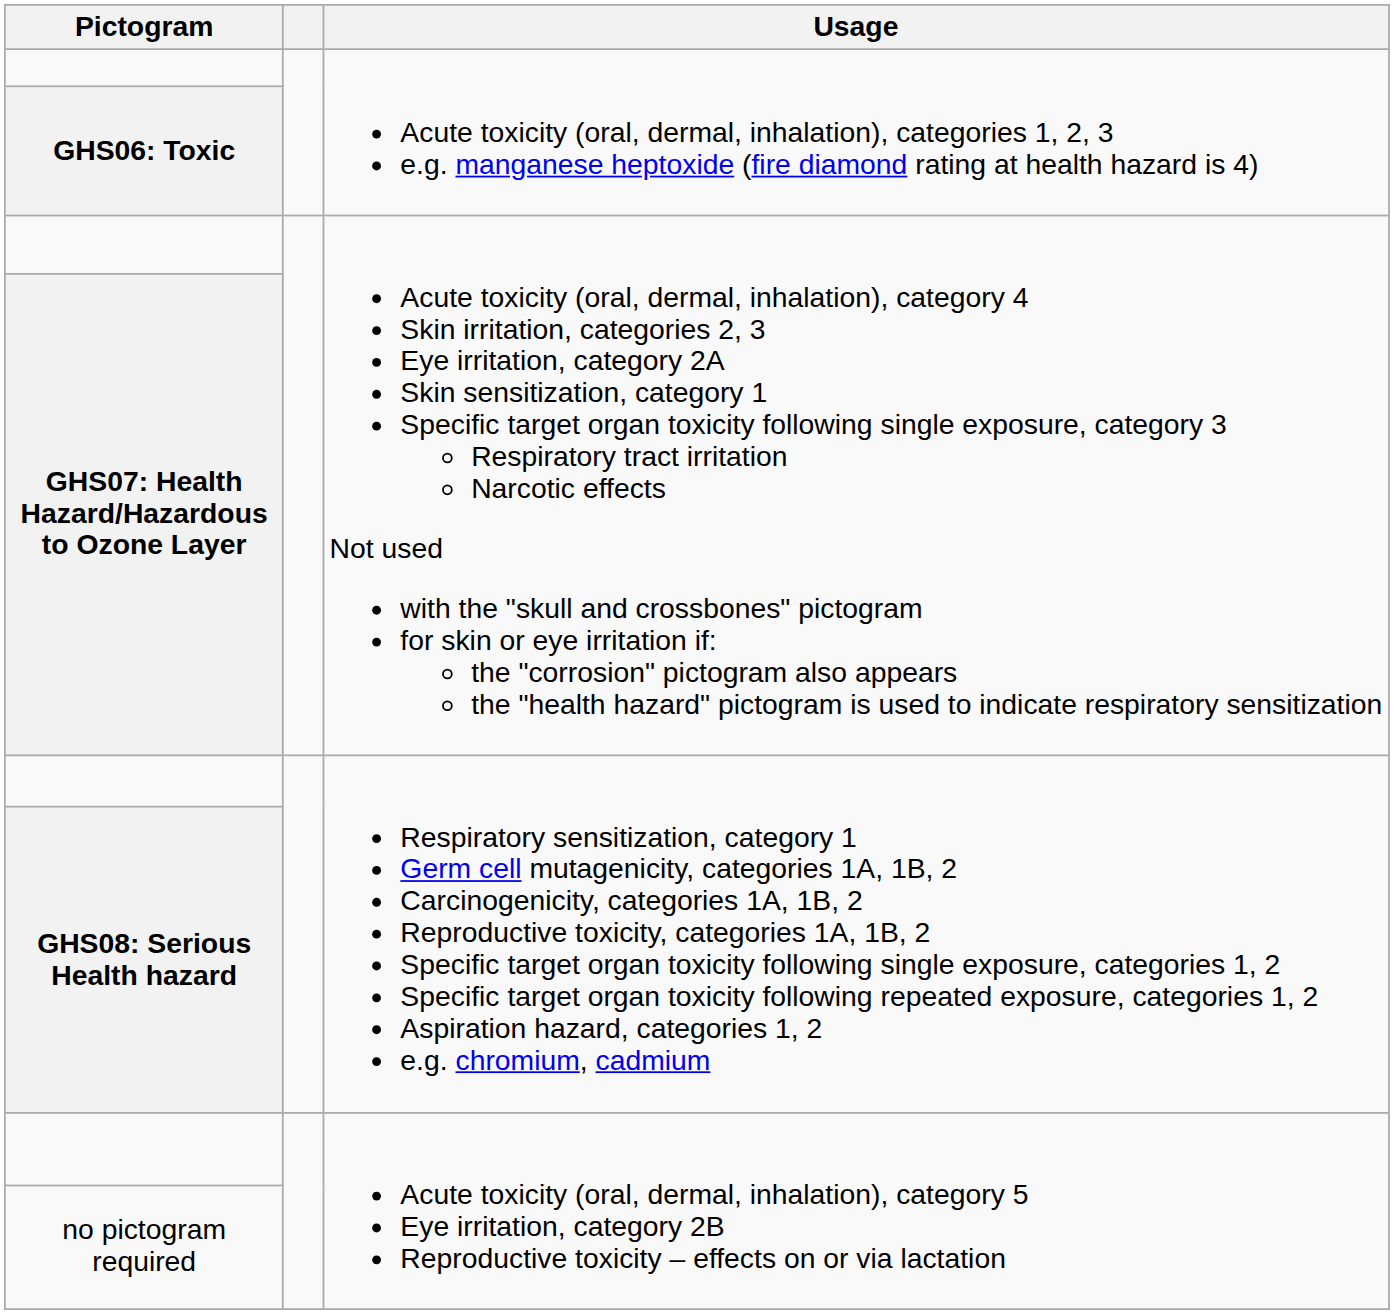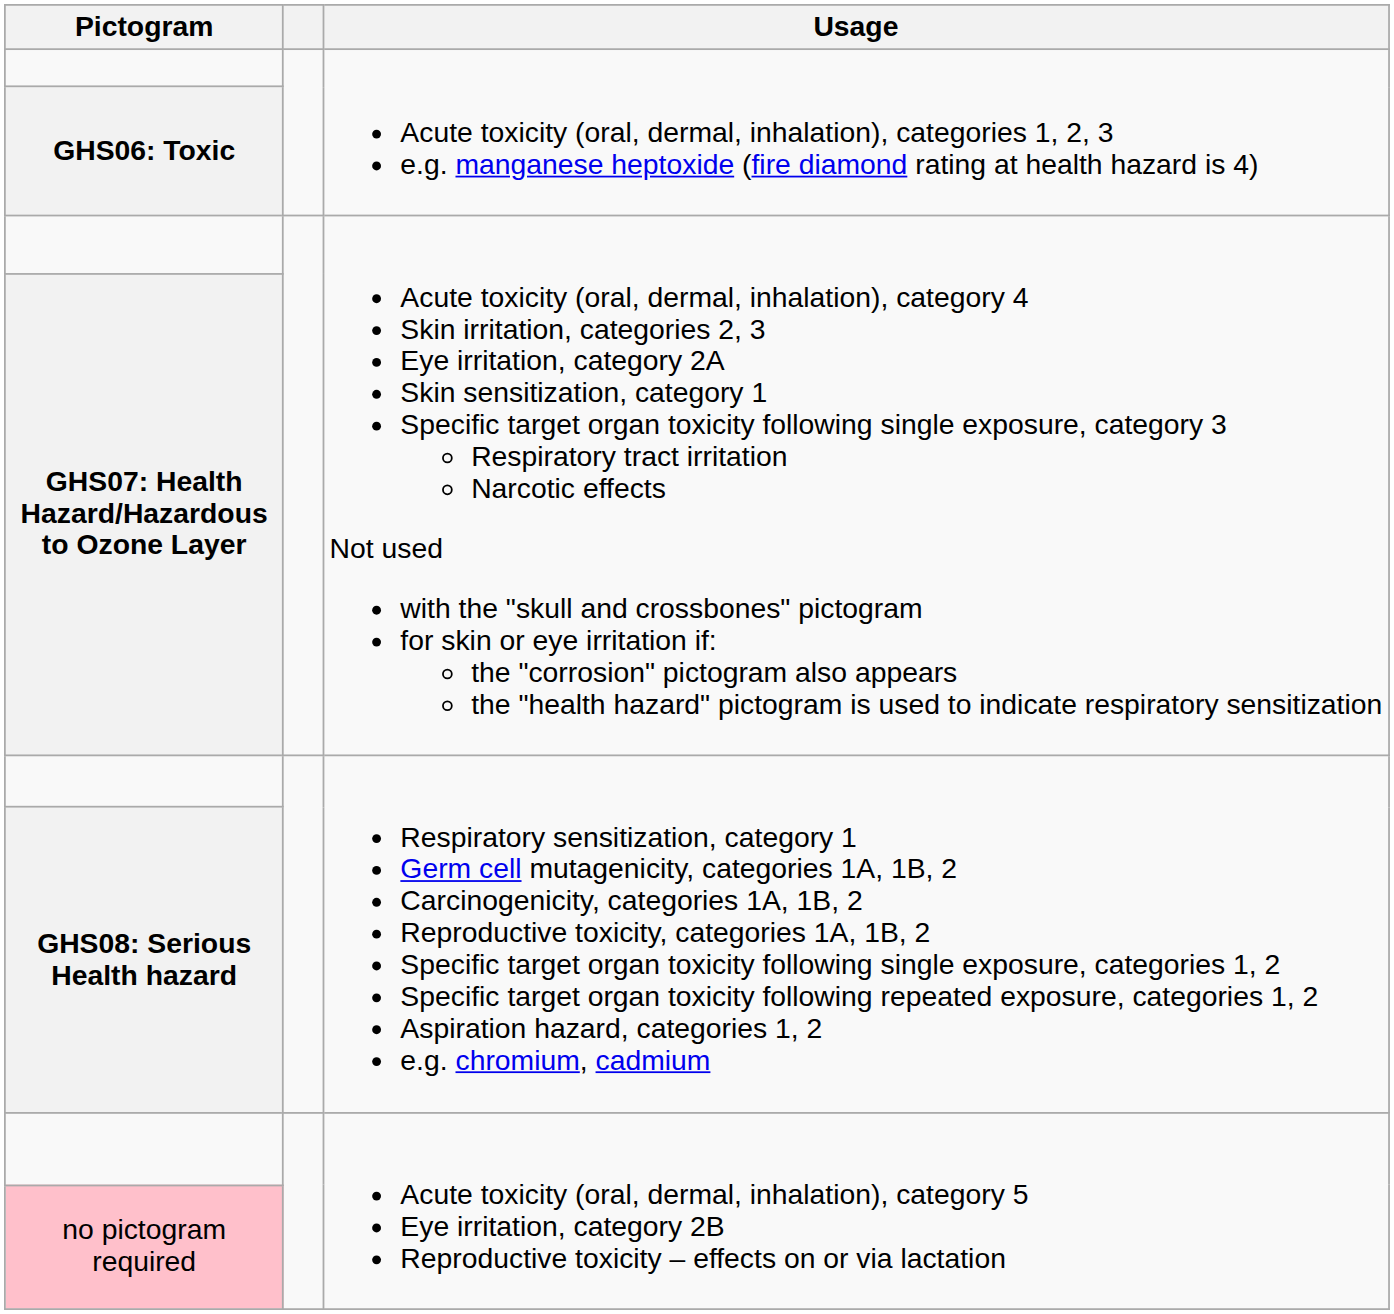 <table class="wikitable">
 <tr>
 <th>Pictogram</th>
 <th> </th>
 <th>Usage</th>
 </tr>
 <tr>
 <td width=150px align=center></td>
 <td rowspan=2 width=15px> </td>
 <td rowspan=2><br><ul><li>Acute toxicity (oral, dermal, inhalation), categories 1, 2, 3</li><li>e.g. <a href='#'>manganese heptoxide</a> (<a href='#'>fire diamond</a> rating at health hazard is 4)</li></ul></td>
 </tr>
 <tr>
 <th>GHS06: Toxic</th>
 </tr>
 <tr>
 <td width=150px align=center></td>
 <td rowspan=2 width=15px> </td>
 <td rowspan=2><br><ul><li>Acute toxicity (oral, dermal, inhalation), category 4</li><li>Skin irritation, categories 2, 3</li><li>Eye irritation, category 2A</li><li>Skin sensitization, category 1</li><li>Specific target organ toxicity following single exposure, category 3<ul><li>Respiratory tract irritation</li><li>Narcotic effects</li></ul></li></ul>Not used<ul><li>with the "skull and crossbones" pictogram</li><li>for skin or eye irritation if:<ul><li>the "corrosion" pictogram also appears</li><li>the "health hazard" pictogram is used to indicate respiratory sensitization</li></ul></li></ul></td>
 </tr>
 <tr>
 <th>GHS07: Health Hazard/Hazardous to Ozone Layer</th>
 </tr>
 <tr>
 <td width=150px align=center></td>
 <td rowspan=2 width=15px> </td>
 <td rowspan=2><br><ul><li>Respiratory sensitization, category 1</li><li><a href='#'>Germ cell</a> mutagenicity, categories 1A, 1B, 2</li><li>Carcinogenicity, categories 1A, 1B, 2</li><li>Reproductive toxicity, categories 1A, 1B, 2</li><li>Specific target organ toxicity following single exposure, categories 1, 2</li><li>Specific target organ toxicity following repeated exposure, categories 1, 2</li><li>Aspiration hazard, categories 1, 2</li><li>e.g. <a href='#'>chromium</a>, <a href='#'>cadmium</a></li></ul></td>
 </tr>
 <tr>
 <th>GHS08: Serious Health hazard</th>
 </tr>
 <tr>
 <td width=150px align=center> </td>
 <td rowspan=2 width=15px> </td>
 <td rowspan=2><br><ul><li>Acute toxicity (oral, dermal, inhalation), category 5</li><li>Eye irritation, category 2B</li><li>Reproductive toxicity – effects on or via lactation</li></ul></td>
 </tr>
 <tr>
-<td align=center>no pictogram required</td>
+<td align=center style="background: pink;">no pictogram required</td>
 </tr>
 <tr>
 </tr>
 </table>
